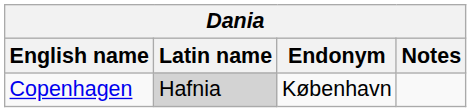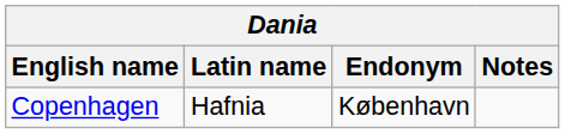 <table class="wikitable sortable">
 <tr>
 <th colspan="4"> <em>Dania</em></th>
 </tr>
 <tr>
 <th>English name</th>
 <th>Latin name</th>
 <th>Endonym</th>
 <th>Notes</th>
 </tr>
 <tr>
 <td><a href='#'>Copenhagen</a></td>
-<td style="background: lightgrey;">Hafnia</td>
+<td>Hafnia</td>
 <td>København</td>
 <td></td>
 </tr>
 </table>
